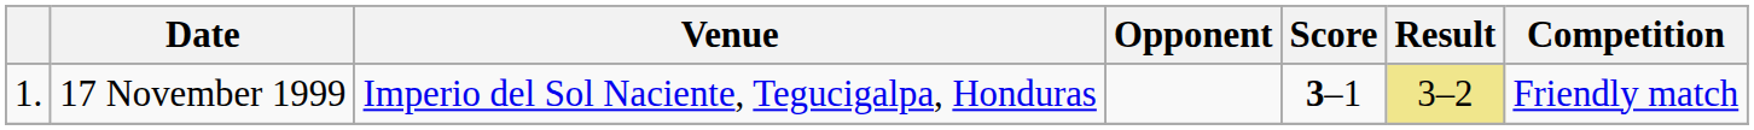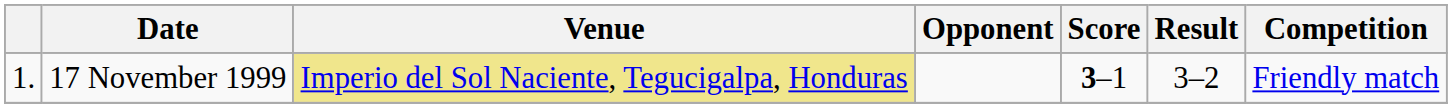 <table class="wikitable">
 <tr>
 <th></th>
 <th>Date</th>
 <th>Venue</th>
 <th>Opponent</th>
 <th>Score</th>
 <th>Result</th>
 <th>Competition</th>
 </tr>
 <tr>
 <td align="center">1.</td>
 <td>17 November 1999</td>
-<td><a href='#'>Imperio del Sol Naciente</a>, <a href='#'>Tegucigalpa</a>, <a href='#'>Honduras</a></td>
+<td style="background: khaki;"><a href='#'>Imperio del Sol Naciente</a>, <a href='#'>Tegucigalpa</a>, <a href='#'>Honduras</a></td>
 <td></td>
 <td align="center"><strong>3</strong>–1</td>
-<td align="center" style="background: khaki;">3–2</td>
+<td align="center">3–2</td>
 <td><a href='#'>Friendly match</a></td>
 </tr>
 <tr>
 </tr>
 </table>
